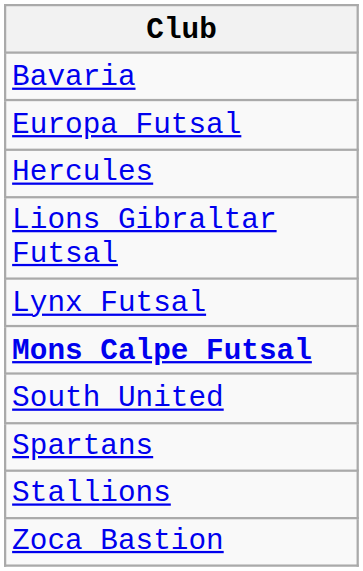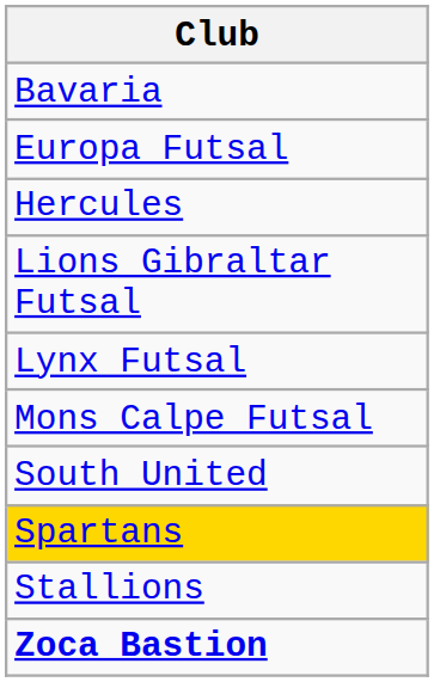 <table class="wikitable">
 <tr>
 <th width="150px">Club</th>
 </tr>
 <tr>
 <td><a href='#'>Bavaria</a></td>
 </tr>
 <tr>
 <td><a href='#'>Europa Futsal</a></td>
 </tr>
 <tr>
 <td><a href='#'>Hercules</a></td>
 </tr>
 <tr>
 <td><a href='#'>Lions Gibraltar Futsal</a></td>
 </tr>
 <tr>
 <td><a href='#'>Lynx Futsal</a></td>
 </tr>
 <tr>
-<td><strong><a href='#'>Mons Calpe Futsal</a></strong></td>
+<td><a href='#'>Mons Calpe Futsal</a></td>
 </tr>
 <tr>
 <td><a href='#'>South United</a></td>
 </tr>
 <tr>
-<td><a href='#'>Spartans</a></td>
+<td style="background: gold;"><a href='#'>Spartans</a></td>
 </tr>
 <tr>
 <td><a href='#'>Stallions</a></td>
 </tr>
 <tr>
-<td><a href='#'>Zoca Bastion</a></td>
+<td><strong><a href='#'>Zoca Bastion</a></strong></td>
 </tr>
 </table>
